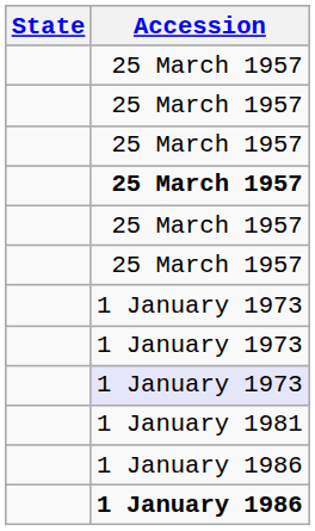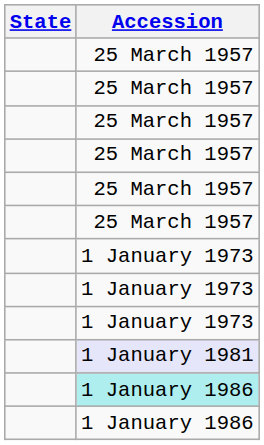 <table class="wikitable">
 <tr>
 <th><a href='#'>State</a></th>
 <th><a href='#'>Accession</a></th>
 </tr>
 <tr>
 <td></td>
 <td style="text-align:right">25 March 1957</td>
 </tr>
 <tr>
 <td></td>
 <td style="text-align:right">25 March 1957</td>
 </tr>
 <tr>
 <td></td>
 <td style="text-align:right">25 March 1957</td>
 </tr>
 <tr>
 <td></td>
-<td style="text-align:right"><strong>25 March 1957</strong></td>
+<td style="text-align:right">25 March 1957</td>
 </tr>
 <tr>
 <td></td>
 <td style="text-align:right">25 March 1957</td>
 </tr>
 <tr>
 <td></td>
 <td style="text-align:right">25 March 1957</td>
 </tr>
 <tr>
 <td></td>
 <td style="text-align:right">1 January 1973</td>
 </tr>
 <tr>
 <td></td>
 <td style="text-align:right">1 January 1973</td>
 </tr>
 <tr>
 <td></td>
-<td style="background: lavender; text-align:right">1 January 1973</td>
+<td style="text-align:right">1 January 1973</td>
 </tr>
 <tr>
 <td></td>
-<td style="text-align:right">1 January 1981</td>
+<td style="background: lavender; text-align:right">1 January 1981</td>
+</tr>
+<tr>
+<td></td>
+<td style="background: paleturquoise; text-align:right">1 January 1986</td>
 </tr>
 <tr>
 <td></td>
 <td style="text-align:right">1 January 1986</td>
 </tr>
-<tr>
-<td></td>
-<td style="text-align:right"><strong>1 January 1986</strong></td>
-</tr>
 </table>
